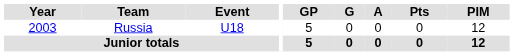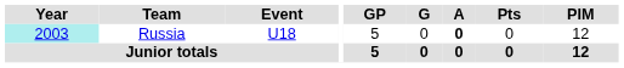 <table border="0" cellpadding="1" cellspacing="0" ID="Table3" style="text-align:center; width:40em">
 <tr ALIGN="center" bgcolor="#e0e0e0">
 <th>Year</th>
 <th>Team</th>
 <th>Event</th>
 <th rowspan="99" bgcolor="#ffffff"></th>
 <th>GP</th>
 <th>G</th>
 <th>A</th>
 <th>Pts</th>
 <th>PIM</th>
 </tr>
 <tr>
-<td><a href='#'>2003</a></td>
+<td style="background: paleturquoise;"><a href='#'>2003</a></td>
 <td><a href='#'>Russia</a></td>
 <td><a href='#'>U18</a></td>
 <td>5</td>
 <td>0</td>
-<td>0</td>
+<td><strong>0</strong></td>
 <td>0</td>
 <td>12</td>
 </tr>
 <tr bgcolor="#e0e0e0">
 <th colspan="3">Junior totals</th>
 <th>5</th>
 <th>0</th>
 <th>0</th>
 <th>0</th>
 <th>12</th>
 </tr>
 </table>
